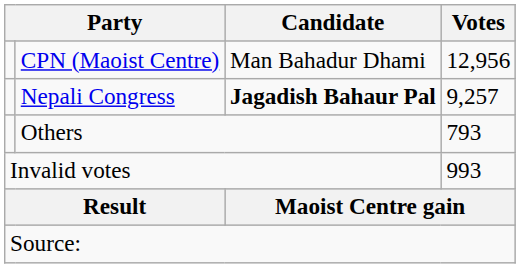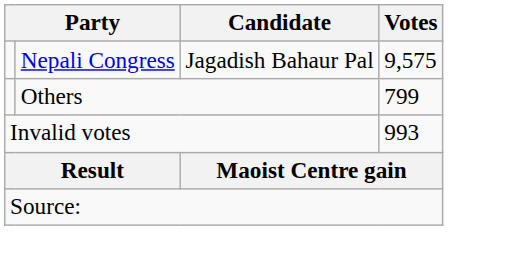 <table class="wikitable">
 <tr>
 <th colspan="2">Party</th>
 <th>Candidate</th>
 <th>Votes</th>
 </tr>
 <tr>
 <td style="background-color:"></td>
-<td><a href='#'>CPN (Maoist Centre)</a></td>
-<td>Man Bahadur Dhami</td>
-<td>12,956</td>
-</tr>
-<tr>
-<td style="background-color:"></td>
 <td><a href='#'>Nepali Congress</a></td>
-<td><strong>Jagadish Bahaur Pal</strong></td>
-<td>9,257</td>
+<td>Jagadish Bahaur Pal</td>
+<td>9,575</td>
 </tr>
 <tr>
 <td></td>
 <td colspan="2">Others</td>
-<td>793</td>
+<td>799</td>
 </tr>
 <tr>
 <td colspan="3">Invalid votes</td>
 <td>993</td>
 </tr>
 <tr>
 <th colspan="2">Result</th>
 <th colspan="2">Maoist Centre gain</th>
 </tr>
 <tr>
 <td colspan="4">Source: </td>
 </tr>
 </table>
